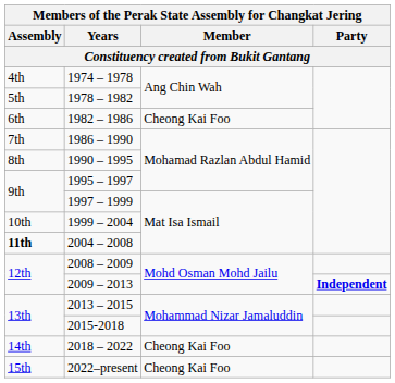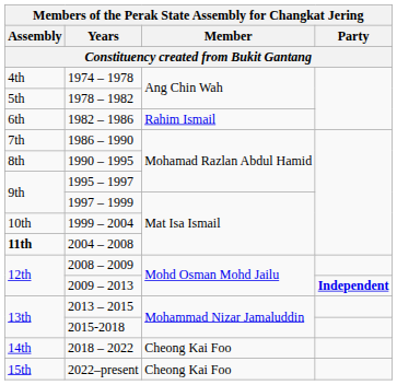 <table class="wikitable">
 <tr>
 <th colspan=4>Members of the Perak State Assembly for Changkat Jering</th>
 </tr>
 <tr>
 <th>Assembly</th>
 <th>Years</th>
 <th>Member</th>
 <th>Party</th>
 </tr>
 <tr>
 <th colspan="4"><em>Constituency created from Bukit Gantang</em></th>
 </tr>
 <tr>
 <td>4th</td>
 <td>1974 – 1978</td>
 <td rowspan="2">Ang Chin Wah</td>
 <td rowspan="3"></td>
 </tr>
 <tr>
 <td>5th</td>
 <td>1978 – 1982</td>
 </tr>
 <tr>
 <td>6th</td>
 <td>1982 – 1986</td>
-<td>Cheong Kai Foo</td>
+<td><a href='#'>Rahim Ismail</a></td>
 </tr>
 <tr>
 <td>7th</td>
 <td>1986 – 1990</td>
 <td rowspan="3">Mohamad Razlan Abdul Hamid</td>
 <td rowspan="6"></td>
 </tr>
 <tr>
 <td>8th</td>
 <td>1990 – 1995</td>
 </tr>
 <tr>
 <td rowspan="2">9th</td>
 <td>1995 – 1997</td>
 </tr>
 <tr>
 <td>1997 – 1999</td>
 <td rowspan="3">Mat Isa Ismail</td>
 </tr>
 <tr>
 <td>10th</td>
 <td>1999 – 2004</td>
 </tr>
 <tr>
 <td><strong>11th</strong></td>
 <td>2004 – 2008</td>
 </tr>
 <tr>
 <td rowspan="2"><a href='#'>12th</a></td>
 <td>2008 – 2009</td>
 <td rowspan="2"><a href='#'>Mohd Osman Mohd Jailu</a></td>
 <td></td>
 </tr>
 <tr>
 <td>2009 – 2013</td>
 <td><strong><a href='#'>Independent</a></strong></td>
 </tr>
 <tr>
 <td rowspan=2><a href='#'>13th</a></td>
 <td>2013 – 2015</td>
 <td rowspan=2><a href='#'>Mohammad Nizar Jamaluddin</a></td>
 <td></td>
 </tr>
 <tr>
 <td>2015-2018</td>
 <td></td>
 </tr>
 <tr>
 <td><a href='#'>14th</a></td>
 <td>2018 – 2022</td>
 <td>Cheong Kai Foo</td>
 <td></td>
 </tr>
 <tr>
 <td><a href='#'>15th</a></td>
 <td>2022–present</td>
 <td>Cheong Kai Foo</td>
 <td></td>
 </tr>
 </table>
